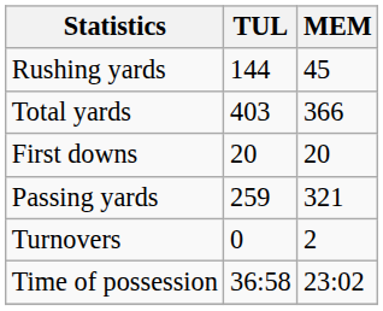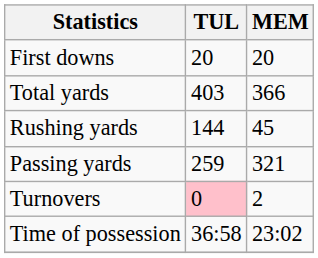 <table class="wikitable" style="float: left;">
 <tr>
 <th>Statistics</th>
 <th>TUL</th>
 <th>MEM</th>
 </tr>
 <tr>
-<td>Rushing yards</td>
-<td>144</td>
-<td>45</td>
+<td>First downs</td>
+<td>20</td>
+<td>20</td>
 </tr>
 <tr>
 <td>Total yards</td>
 <td>403</td>
 <td>366</td>
 </tr>
 <tr>
-<td>First downs</td>
-<td>20</td>
-<td>20</td>
+<td>Rushing yards</td>
+<td>144</td>
+<td>45</td>
 </tr>
 <tr>
 <td>Passing yards</td>
 <td>259</td>
 <td>321</td>
 </tr>
 <tr>
 <td>Turnovers</td>
-<td>0</td>
+<td style="background: pink;">0</td>
 <td>2</td>
 </tr>
 <tr>
 <td>Time of possession</td>
 <td>36:58</td>
 <td>23:02</td>
 </tr>
 <tr>
 </tr>
 </table>
